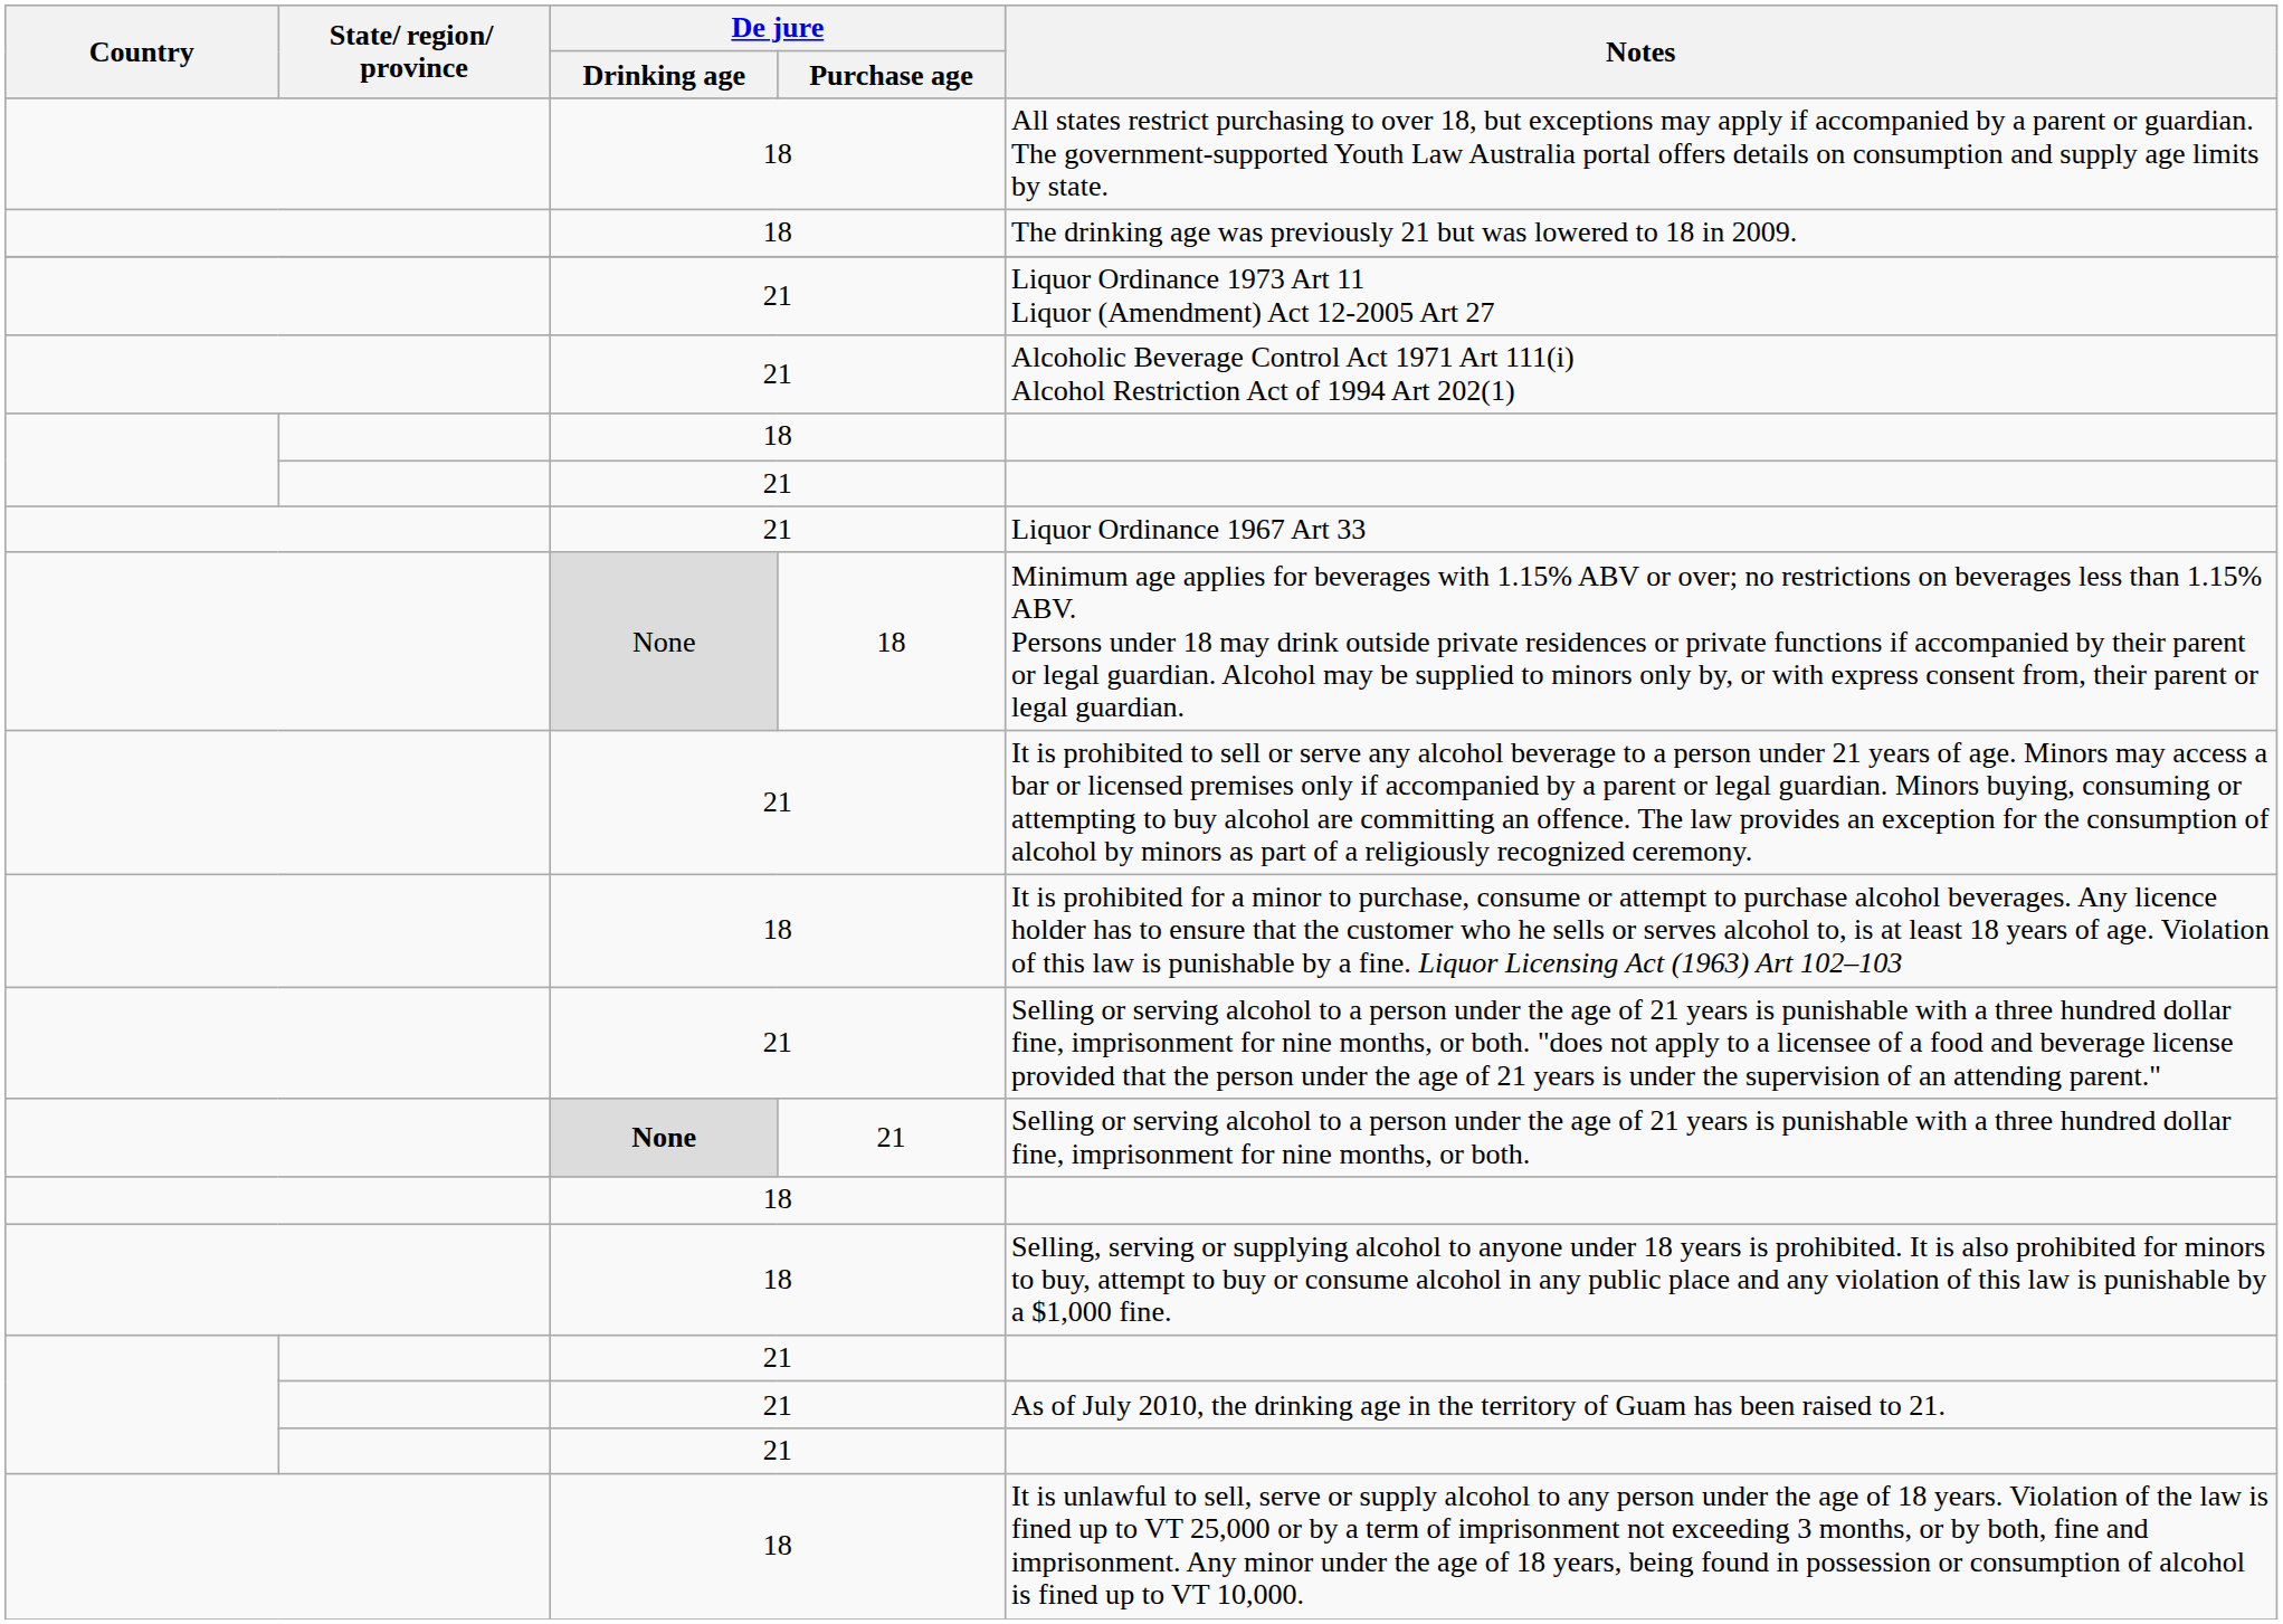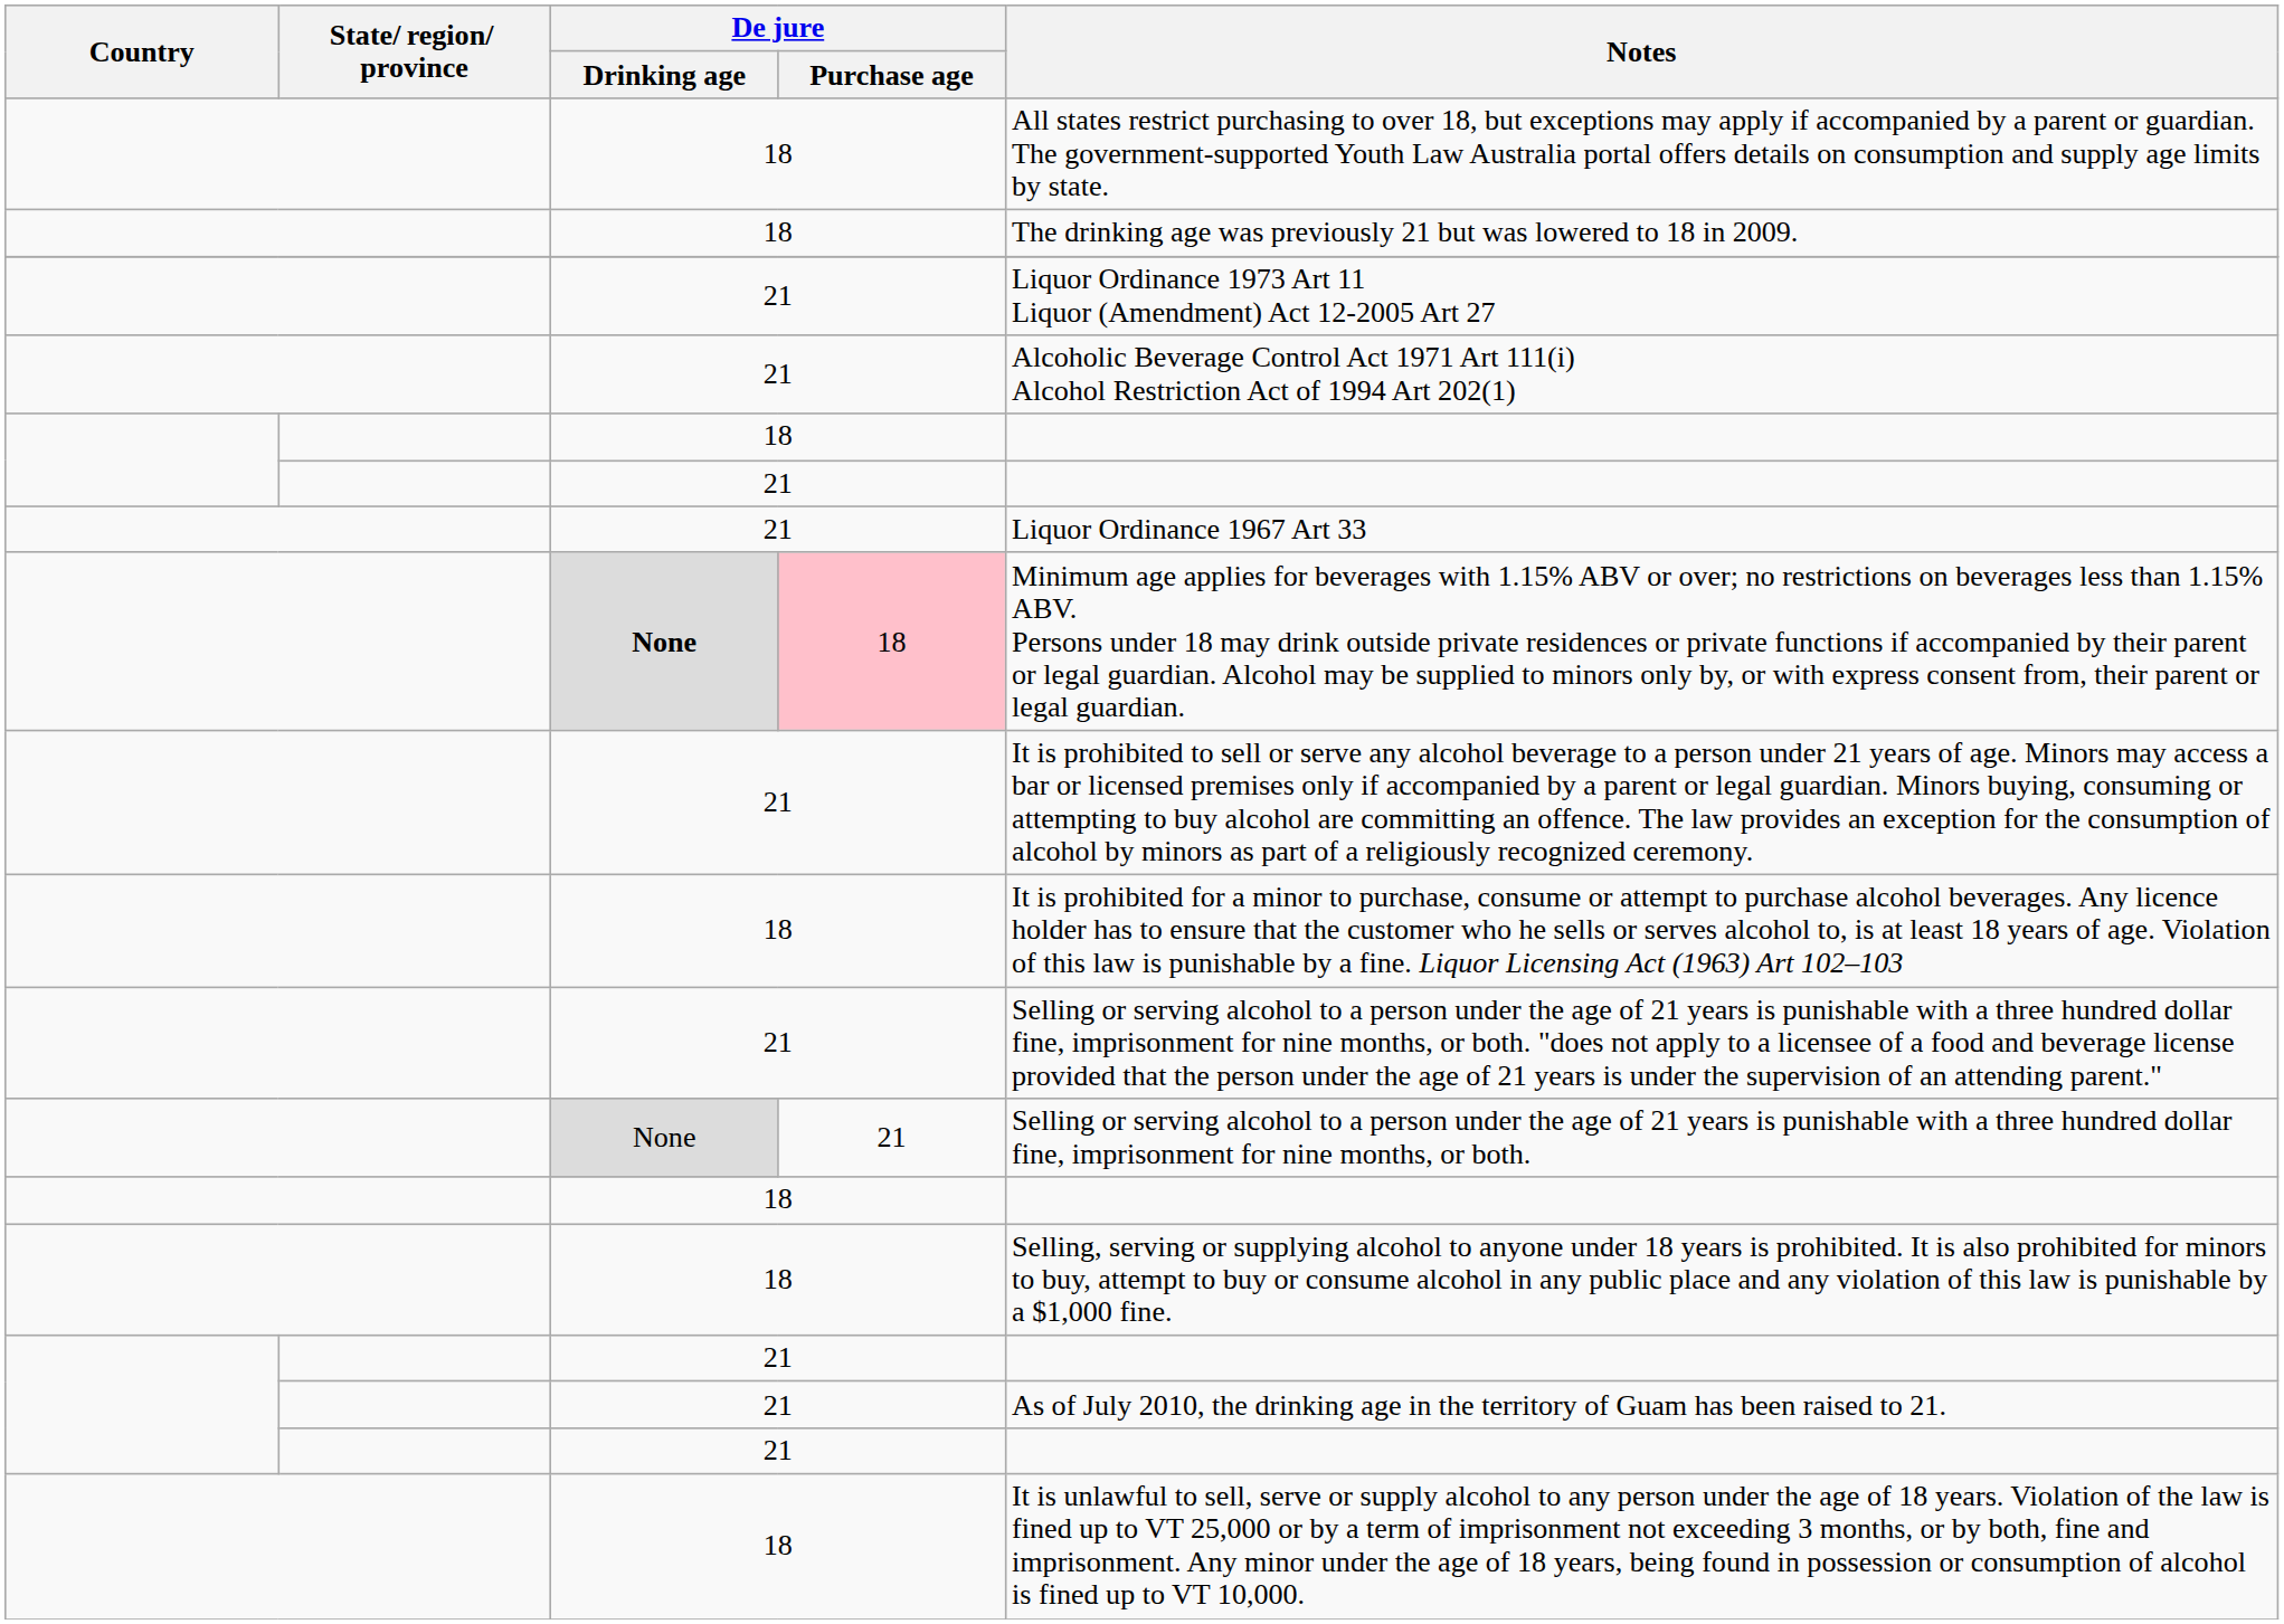 <table class="wikitable sortable">
 <tr>
 <th rowspan=2 style="width:12%;">Country</th>
 <th rowspan=2 style="width:12%;">State/ region/ province</th>
 <th colspan=2 style="width:20%;"><a href='#'>De jure</a></th>
 <th rowspan=2 style="width:56%;">Notes</th>
 </tr>
 <tr>
 <th style="width:10%;">Drinking age</th>
 <th style="width:10%;">Purchase age</th>
 </tr>
 <tr>
 <td colspan=2></td>
 <td colspan=2 align="center">18</td>
 <td>All states restrict purchasing to over 18, but exceptions may apply if accompanied by a parent or guardian. The government-supported Youth Law Australia portal offers details on consumption and supply age limits by state.</td>
 </tr>
 <tr>
 <td colspan=2></td>
 <td colspan=2 style="text-align:center;">18</td>
 <td>The drinking age was previously 21 but was lowered to 18 in 2009.</td>
 </tr>
 <tr>
 </tr>
 <tr>
 <td colspan=2></td>
 <td colspan=2 style="text-align:center;">21</td>
 <td>Liquor Ordinance 1973 Art 11<br>Liquor (Amendment) Act 12-2005 Art 27</td>
 </tr>
 <tr>
 <td colspan=2></td>
 <td colspan=2 style="text-align:center;">21</td>
 <td>Alcoholic Beverage Control Act 1971 Art 111(i)<br>Alcohol Restriction Act of 1994 Art 202(1)</td>
 </tr>
 <tr>
 <td rowspan="2"></td>
 <td> <br> </td>
 <td colspan=2 style="text-align:center;">18</td>
 <td></td>
 </tr>
 <tr>
 <td> <br> </td>
 <td colspan=2 style="text-align:center;">21</td>
 <td></td>
 </tr>
 <tr>
 <td colspan=2></td>
 <td colspan=2 style="text-align:center;">21</td>
 <td>Liquor Ordinance 1967 Art 33</td>
 </tr>
 <tr>
 <td colspan=2></td>
-<td style="background:Gainsboro" align="center">None</td>
-<td style="text-align:center;">18</td>
+<td style="background:Gainsboro" align="center"><strong>None</strong></td>
+<td style="background: pink; text-align:center;">18</td>
 <td>Minimum age applies for beverages with 1.15% ABV or over; no restrictions on beverages less than 1.15% ABV.<br>Persons under 18 may drink outside private residences or private functions if accompanied by their parent or legal guardian. Alcohol may be supplied to minors only by, or with express consent from, their parent or legal guardian.</td>
 </tr>
 <tr>
 <td colspan=2></td>
 <td colspan=2 style="text-align:center;">21</td>
 <td>It is prohibited to sell or serve any alcohol beverage to a person under 21 years of age. Minors may access a bar or licensed premises only if accompanied by a parent or legal guardian. Minors buying, consuming or attempting to buy alcohol are committing an offence. The law provides an exception for the consumption of alcohol by minors as part of a religiously recognized ceremony.</td>
 </tr>
 <tr>
 <td colspan=2></td>
 <td colspan=2 style="text-align:center;">18</td>
 <td>It is prohibited for a minor to purchase, consume or attempt to purchase alcohol beverages. Any licence holder has to ensure that the customer who he sells or serves alcohol to, is at least 18 years of age. Violation of this law is punishable by a fine. <em>Liquor Licensing Act (1963) Art 102–103</em></td>
 </tr>
 <tr>
 <td colspan=2></td>
 <td colspan=2 style="text-align:center;">21</td>
 <td>Selling or serving alcohol to a person under the age of 21 years is punishable with a three hundred dollar fine, imprisonment for nine months, or both. "does not apply to a licensee of a food and beverage license provided that the person under the age of 21 years is under the supervision of an attending parent."</td>
 </tr>
 <tr>
 <td colspan=2></td>
-<td style="background:Gainsboro" align="center"><strong>None</strong></td>
+<td style="background:Gainsboro" align="center">None</td>
 <td align="center">21</td>
 <td>Selling or serving alcohol to a person under the age of 21 years is punishable with a three hundred dollar fine, imprisonment for nine months, or both.</td>
 </tr>
 <tr>
 <td colspan=2><em></em></td>
 <td colspan=2 style="text-align:center;">18</td>
 <td></td>
 </tr>
 <tr>
 <td colspan=2></td>
 <td colspan=2 style="text-align:center;">18</td>
 <td>Selling, serving or supplying alcohol to anyone under 18 years is prohibited. It is also prohibited for minors to buy, attempt to buy or consume alcohol in any public place and any violation of this law is punishable by a $1,000 fine.</td>
 </tr>
 <tr>
 <td rowspan="3"></td>
 <td><em></em></td>
 <td colspan=2 style="text-align:center;">21</td>
 <td></td>
 </tr>
 <tr>
 <td><em></em></td>
 <td colspan="2" style="text-align:center;">21</td>
 <td>As of July 2010, the drinking age in the territory of Guam has been raised to 21.</td>
 </tr>
 <tr>
 <td><em></em></td>
 <td colspan=2 style="text-align:center;">21</td>
 <td></td>
 </tr>
 <tr>
 <td colspan=2></td>
 <td colspan=2 style="text-align:center;">18</td>
 <td>It is unlawful to sell, serve or supply alcohol to any person under the age of 18 years. Violation of the law is fined up to VT 25,000 or by a term of imprisonment not exceeding 3 months, or by both, fine and imprisonment. Any minor under the age of 18 years, being found in possession or consumption of alcohol is fined up to VT 10,000.</td>
 </tr>
 </table>
